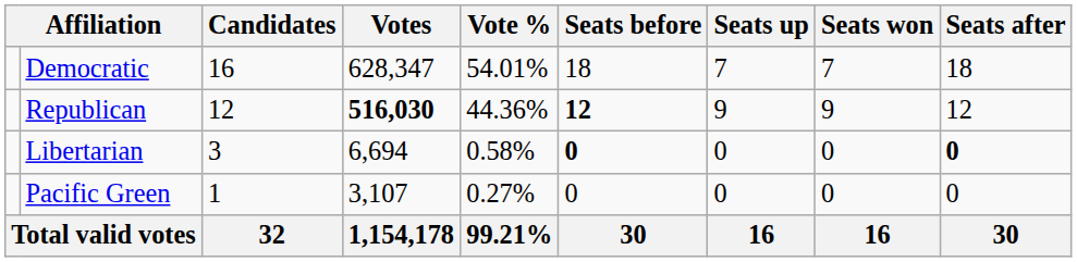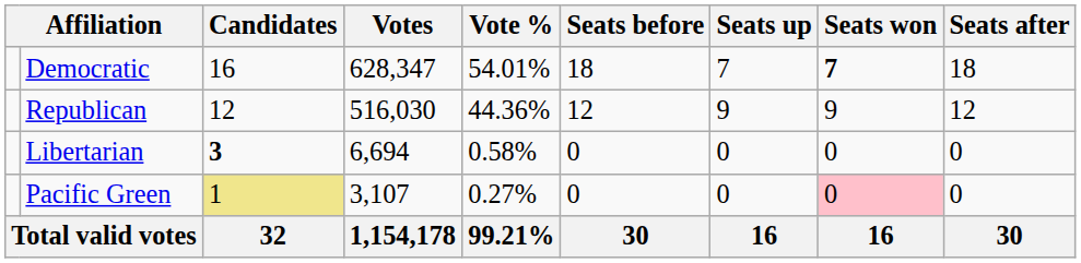 <table class="wikitable">
 <tr>
 <th colspan="2">Affiliation</th>
 <th>Candidates</th>
 <th>Votes</th>
 <th>Vote %</th>
 <th>Seats before</th>
 <th>Seats up</th>
 <th>Seats won</th>
 <th>Seats after</th>
 </tr>
 <tr>
 <td></td>
 <td><a href='#'>Democratic</a></td>
 <td>16</td>
 <td>628,347</td>
 <td>54.01%</td>
 <td>18</td>
 <td>7</td>
-<td>7</td>
+<td><strong>7</strong></td>
 <td>18</td>
 </tr>
 <tr>
 <td></td>
 <td><a href='#'>Republican</a></td>
 <td>12</td>
-<td><strong>516,030</strong></td>
+<td>516,030</td>
 <td>44.36%</td>
-<td><strong>12</strong></td>
+<td>12</td>
 <td>9</td>
 <td>9</td>
 <td>12</td>
 </tr>
 <tr>
 <td></td>
 <td><a href='#'>Libertarian</a></td>
-<td>3</td>
+<td><strong>3</strong></td>
 <td>6,694</td>
 <td>0.58%</td>
-<td><strong>0</strong></td>
 <td>0</td>
 <td>0</td>
-<td><strong>0</strong></td>
+<td>0</td>
+<td>0</td>
 </tr>
 <tr>
 <td></td>
 <td><a href='#'>Pacific Green</a></td>
-<td>1</td>
+<td style="background: khaki;">1</td>
 <td>3,107</td>
 <td>0.27%</td>
 <td>0</td>
 <td>0</td>
-<td>0</td>
+<td style="background: pink;">0</td>
 <td>0</td>
 </tr>
 <tr>
 <th colspan="2">Total valid votes</th>
 <th>32</th>
 <th>1,154,178</th>
 <th>99.21%</th>
 <th>30</th>
 <th>16</th>
 <th>16</th>
 <th>30</th>
 </tr>
 </table>
